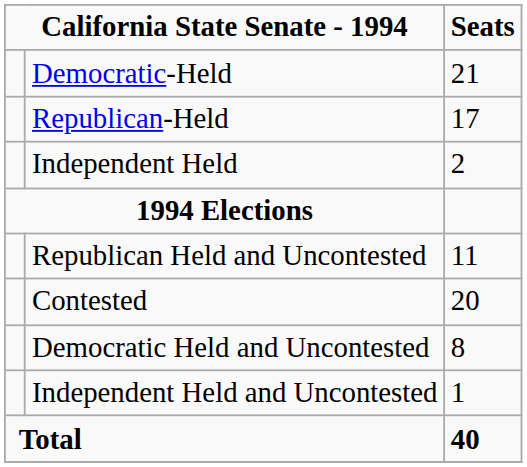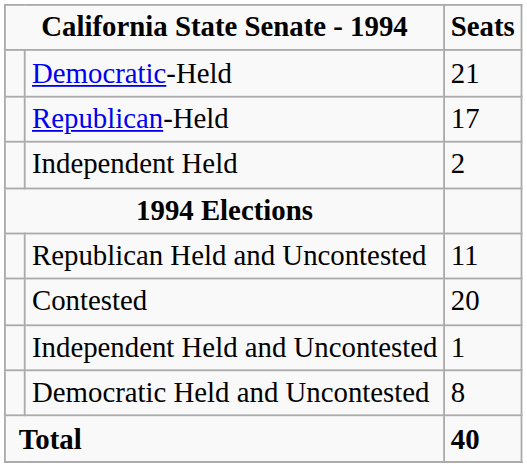 <table class="wikitable">
 <tr>
 <td colspan="2" rowspan="1" align="center" valign="top"><strong>California State Senate - 1994</strong></td>
 <td valign="top"><strong>Seats</strong><br></td>
 </tr>
 <tr>
 <td style="background-color:"> </td>
 <td><a href='#'>Democratic</a>-Held</td>
 <td>21</td>
 </tr>
 <tr>
 <td style="background-color:"> </td>
 <td><a href='#'>Republican</a>-Held</td>
 <td>17</td>
 </tr>
 <tr>
 <td style="background-color:"> </td>
 <td>Independent Held</td>
 <td>2</td>
 </tr>
 <tr>
 <td colspan="2" rowspan="1" align="center"><strong>1994 Elections</strong></td>
 </tr>
 <tr>
 <td style="background-color:"> </td>
 <td>Republican Held and Uncontested</td>
 <td>11</td>
 </tr>
 <tr>
 <td style="background-color:"> </td>
 <td>Contested</td>
 <td>20</td>
 </tr>
 <tr>
 <td style="background-color:"> </td>
-<td>Democratic Held and Uncontested</td>
-<td>8</td>
+<td>Independent Held and Uncontested</td>
+<td>1</td>
 </tr>
 <tr>
 <td style="background-color:"> </td>
-<td>Independent Held and Uncontested</td>
-<td>1</td>
+<td>Democratic Held and Uncontested</td>
+<td>8</td>
 </tr>
 <tr>
 <td colspan="2" rowspan="1"> <strong>Total</strong><br></td>
 <td><strong>40</strong></td>
 </tr>
 <tr>
 </tr>
 </table>
